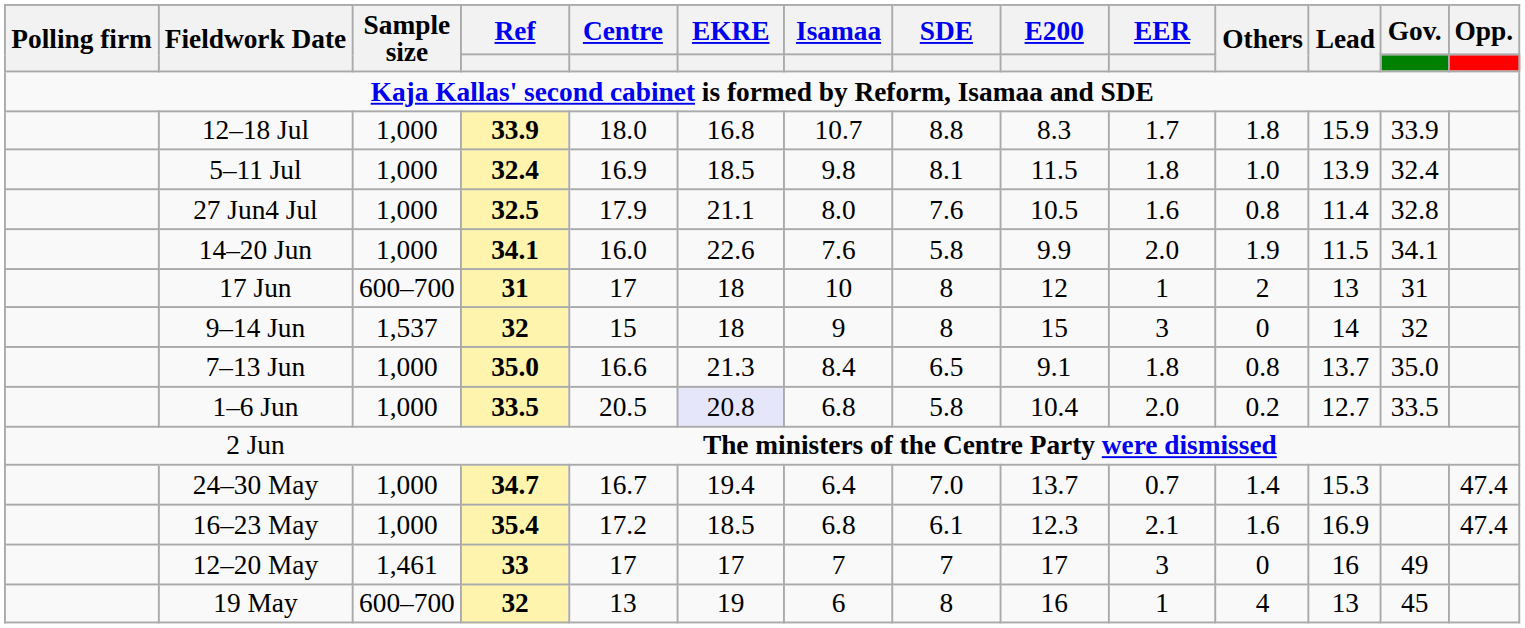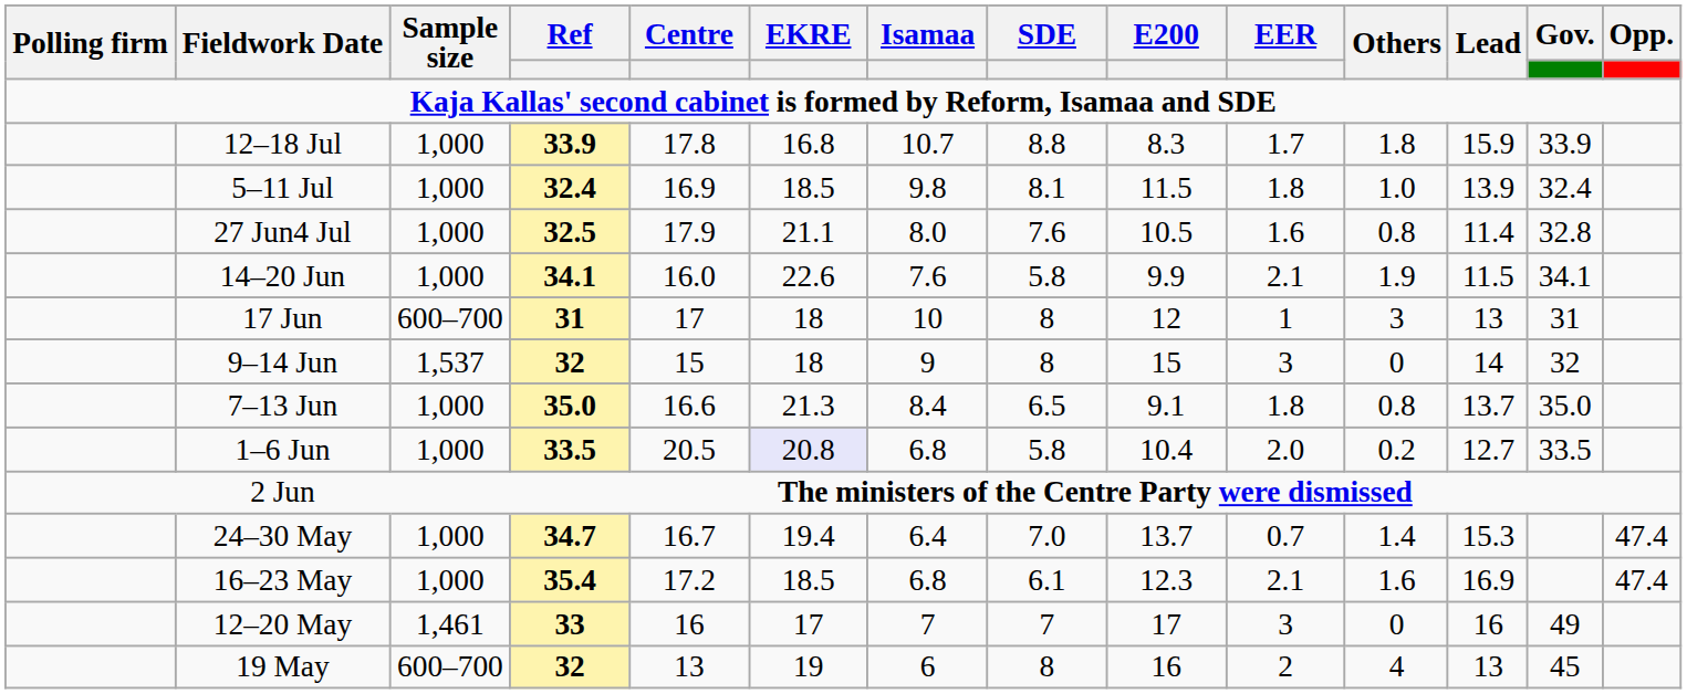 <table class="wikitable sortable mw-datatable" style="text-align:center;font-size:90%;line-height:14px;">
 <tr>
 <th rowspan="2">Polling firm</th>
 <th rowspan="2">Fieldwork Date</th>
 <th rowspan="2" data-sort-type="number">Sample<br>size</th>
 <th class="unsortable" style="width:50px;"><a href='#'>Ref</a></th>
 <th class="unsortable" style="width:50px;"><a href='#'>Centre</a></th>
 <th class="unsortable" style="width:50px;"><a href='#'>EKRE</a></th>
 <th class="unsortable" style="width:50px;"><a href='#'>Isamaa</a></th>
 <th class="unsortable" style="width:50px;"><a href='#'>SDE</a></th>
 <th class="unsortable" style="width:50px;"><a href='#'>E200</a></th>
 <th class="unsortable" style="width:50px;"><a href='#'>EER</a></th>
 <th rowspan="2" class="unsortable">Others</th>
 <th rowspan="2" data-sort-type="number">Lead</th>
 <th class="unsortable" style="width:20px;">Gov.</th>
 <th class="unsortable" style="width:20px;">Opp.</th>
 </tr>
 <tr style="text-align:center;">
 <th data-sort-type="number" style="background:"></th>
 <th data-sort-type="number" style="background:"></th>
 <th data-sort-type="number" style="background:"></th>
 <th data-sort-type="number" style="background:"></th>
 <th data-sort-type="number" style="background:"></th>
 <th data-sort-type="number" style="background:"></th>
 <th data-sort-type="number" style="background:"></th>
 <th data-sort-type="number" style="background:Green;"></th>
 <th data-sort-type="number" style="background:Red;"></th>
 </tr>
 <tr>
 <td colspan="15"><strong><a href='#'>Kaja Kallas' second cabinet</a> is formed by Reform, Isamaa and SDE</strong></td>
 </tr>
 <tr>
 <td></td>
 <td>12–18 Jul</td>
 <td>1,000</td>
 <td style="background:#FEF4AE"><strong>33.9</strong></td>
-<td>18.0</td>
+<td>17.8</td>
 <td>16.8</td>
 <td>10.7</td>
 <td>8.8</td>
 <td>8.3</td>
 <td>1.7</td>
 <td>1.8</td>
 <td style="background:">15.9</td>
 <td>33.9</td>
 <td></td>
 </tr>
 <tr>
 <td></td>
 <td>5–11 Jul</td>
 <td>1,000</td>
 <td style="background:#FEF4AE"><strong>32.4</strong></td>
 <td>16.9</td>
 <td>18.5</td>
 <td>9.8</td>
 <td>8.1</td>
 <td>11.5</td>
 <td>1.8</td>
 <td>1.0</td>
 <td style="background:">13.9</td>
 <td>32.4</td>
 <td></td>
 </tr>
 <tr>
 <td></td>
 <td>27 Jun4 Jul</td>
 <td>1,000</td>
 <td style="background:#FEF4AE"><strong>32.5</strong></td>
 <td>17.9</td>
 <td>21.1</td>
 <td>8.0</td>
 <td>7.6</td>
 <td>10.5</td>
 <td>1.6</td>
 <td>0.8</td>
 <td style="background:">11.4</td>
 <td>32.8</td>
 <td></td>
 </tr>
 <tr>
 <td></td>
 <td>14–20 Jun</td>
 <td>1,000</td>
 <td style="background:#FEF4AE"><strong>34.1</strong></td>
 <td>16.0</td>
 <td>22.6</td>
 <td>7.6</td>
 <td>5.8</td>
 <td>9.9</td>
-<td>2.0</td>
+<td>2.1</td>
 <td>1.9</td>
 <td style="background:">11.5</td>
 <td>34.1</td>
 <td></td>
 </tr>
 <tr>
 <td></td>
 <td>17 Jun</td>
 <td>600–700</td>
 <td style="background:#FEF4AE"><strong>31</strong></td>
 <td>17</td>
 <td>18</td>
 <td>10</td>
 <td>8</td>
 <td>12</td>
 <td>1</td>
-<td>2</td>
+<td>3</td>
 <td style="background:">13</td>
 <td>31</td>
 <td></td>
 </tr>
 <tr>
 <td></td>
 <td>9–14 Jun</td>
 <td>1,537</td>
 <td style="background:#FEF4AE"><strong>32</strong></td>
 <td>15</td>
 <td>18</td>
 <td>9</td>
 <td>8</td>
 <td>15</td>
 <td>3</td>
 <td>0</td>
 <td style="background:">14</td>
 <td>32</td>
 <td></td>
 </tr>
 <tr>
 <td></td>
 <td>7–13 Jun</td>
 <td>1,000</td>
 <td style="background:#FEF4AE"><strong>35.0</strong></td>
 <td>16.6</td>
 <td>21.3</td>
 <td>8.4</td>
 <td>6.5</td>
 <td>9.1</td>
 <td>1.8</td>
 <td>0.8</td>
 <td style="background:">13.7</td>
 <td>35.0</td>
 <td></td>
 </tr>
 <tr>
 <td></td>
 <td>1–6 Jun</td>
 <td>1,000</td>
 <td style="background:#FEF4AE"><strong>33.5</strong></td>
 <td>20.5</td>
 <td style="background: lavender;">20.8</td>
 <td>6.8</td>
 <td>5.8</td>
 <td>10.4</td>
 <td>2.0</td>
 <td>0.2</td>
 <td style="background:">12.7</td>
 <td>33.5</td>
 <td></td>
 </tr>
 <tr>
 <td style="border-right-style:hidden;"></td>
 <td style="border-right-style:hidden;">2 Jun</td>
 <td style="border-right-style:hidden;"></td>
 <td colspan="15"><strong>The ministers of the Centre Party <a href='#'>were dismissed</a></strong></td>
 </tr>
 <tr>
 <td></td>
 <td>24–30 May</td>
 <td>1,000</td>
 <td style="background:#FEF4AE"><strong>34.7</strong></td>
 <td>16.7</td>
 <td>19.4</td>
 <td>6.4</td>
 <td>7.0</td>
 <td>13.7</td>
 <td>0.7</td>
 <td>1.4</td>
 <td style="background:">15.3</td>
 <td></td>
 <td>47.4</td>
 </tr>
 <tr>
 <td></td>
 <td>16–23 May</td>
 <td>1,000</td>
 <td style="background:#FEF4AE"><strong>35.4</strong></td>
 <td>17.2</td>
 <td>18.5</td>
 <td>6.8</td>
 <td>6.1</td>
 <td>12.3</td>
 <td>2.1</td>
 <td>1.6</td>
 <td style="background:">16.9</td>
 <td></td>
 <td>47.4</td>
 </tr>
 <tr>
 <td></td>
 <td>12–20 May</td>
 <td>1,461</td>
 <td style="background:#FEF4AE"><strong>33</strong></td>
-<td>17</td>
+<td>16</td>
 <td>17</td>
 <td>7</td>
 <td>7</td>
 <td>17</td>
 <td>3</td>
 <td>0</td>
 <td style="background:">16</td>
 <td>49</td>
 <td></td>
 </tr>
 <tr>
 <td></td>
 <td>19 May</td>
 <td>600–700</td>
 <td style="background:#FEF4AE"><strong>32</strong></td>
 <td>13</td>
 <td>19</td>
 <td>6</td>
 <td>8</td>
 <td>16</td>
-<td>1</td>
+<td>2</td>
 <td>4</td>
 <td style="background:">13</td>
 <td>45</td>
 <td></td>
 </tr>
 </table>
